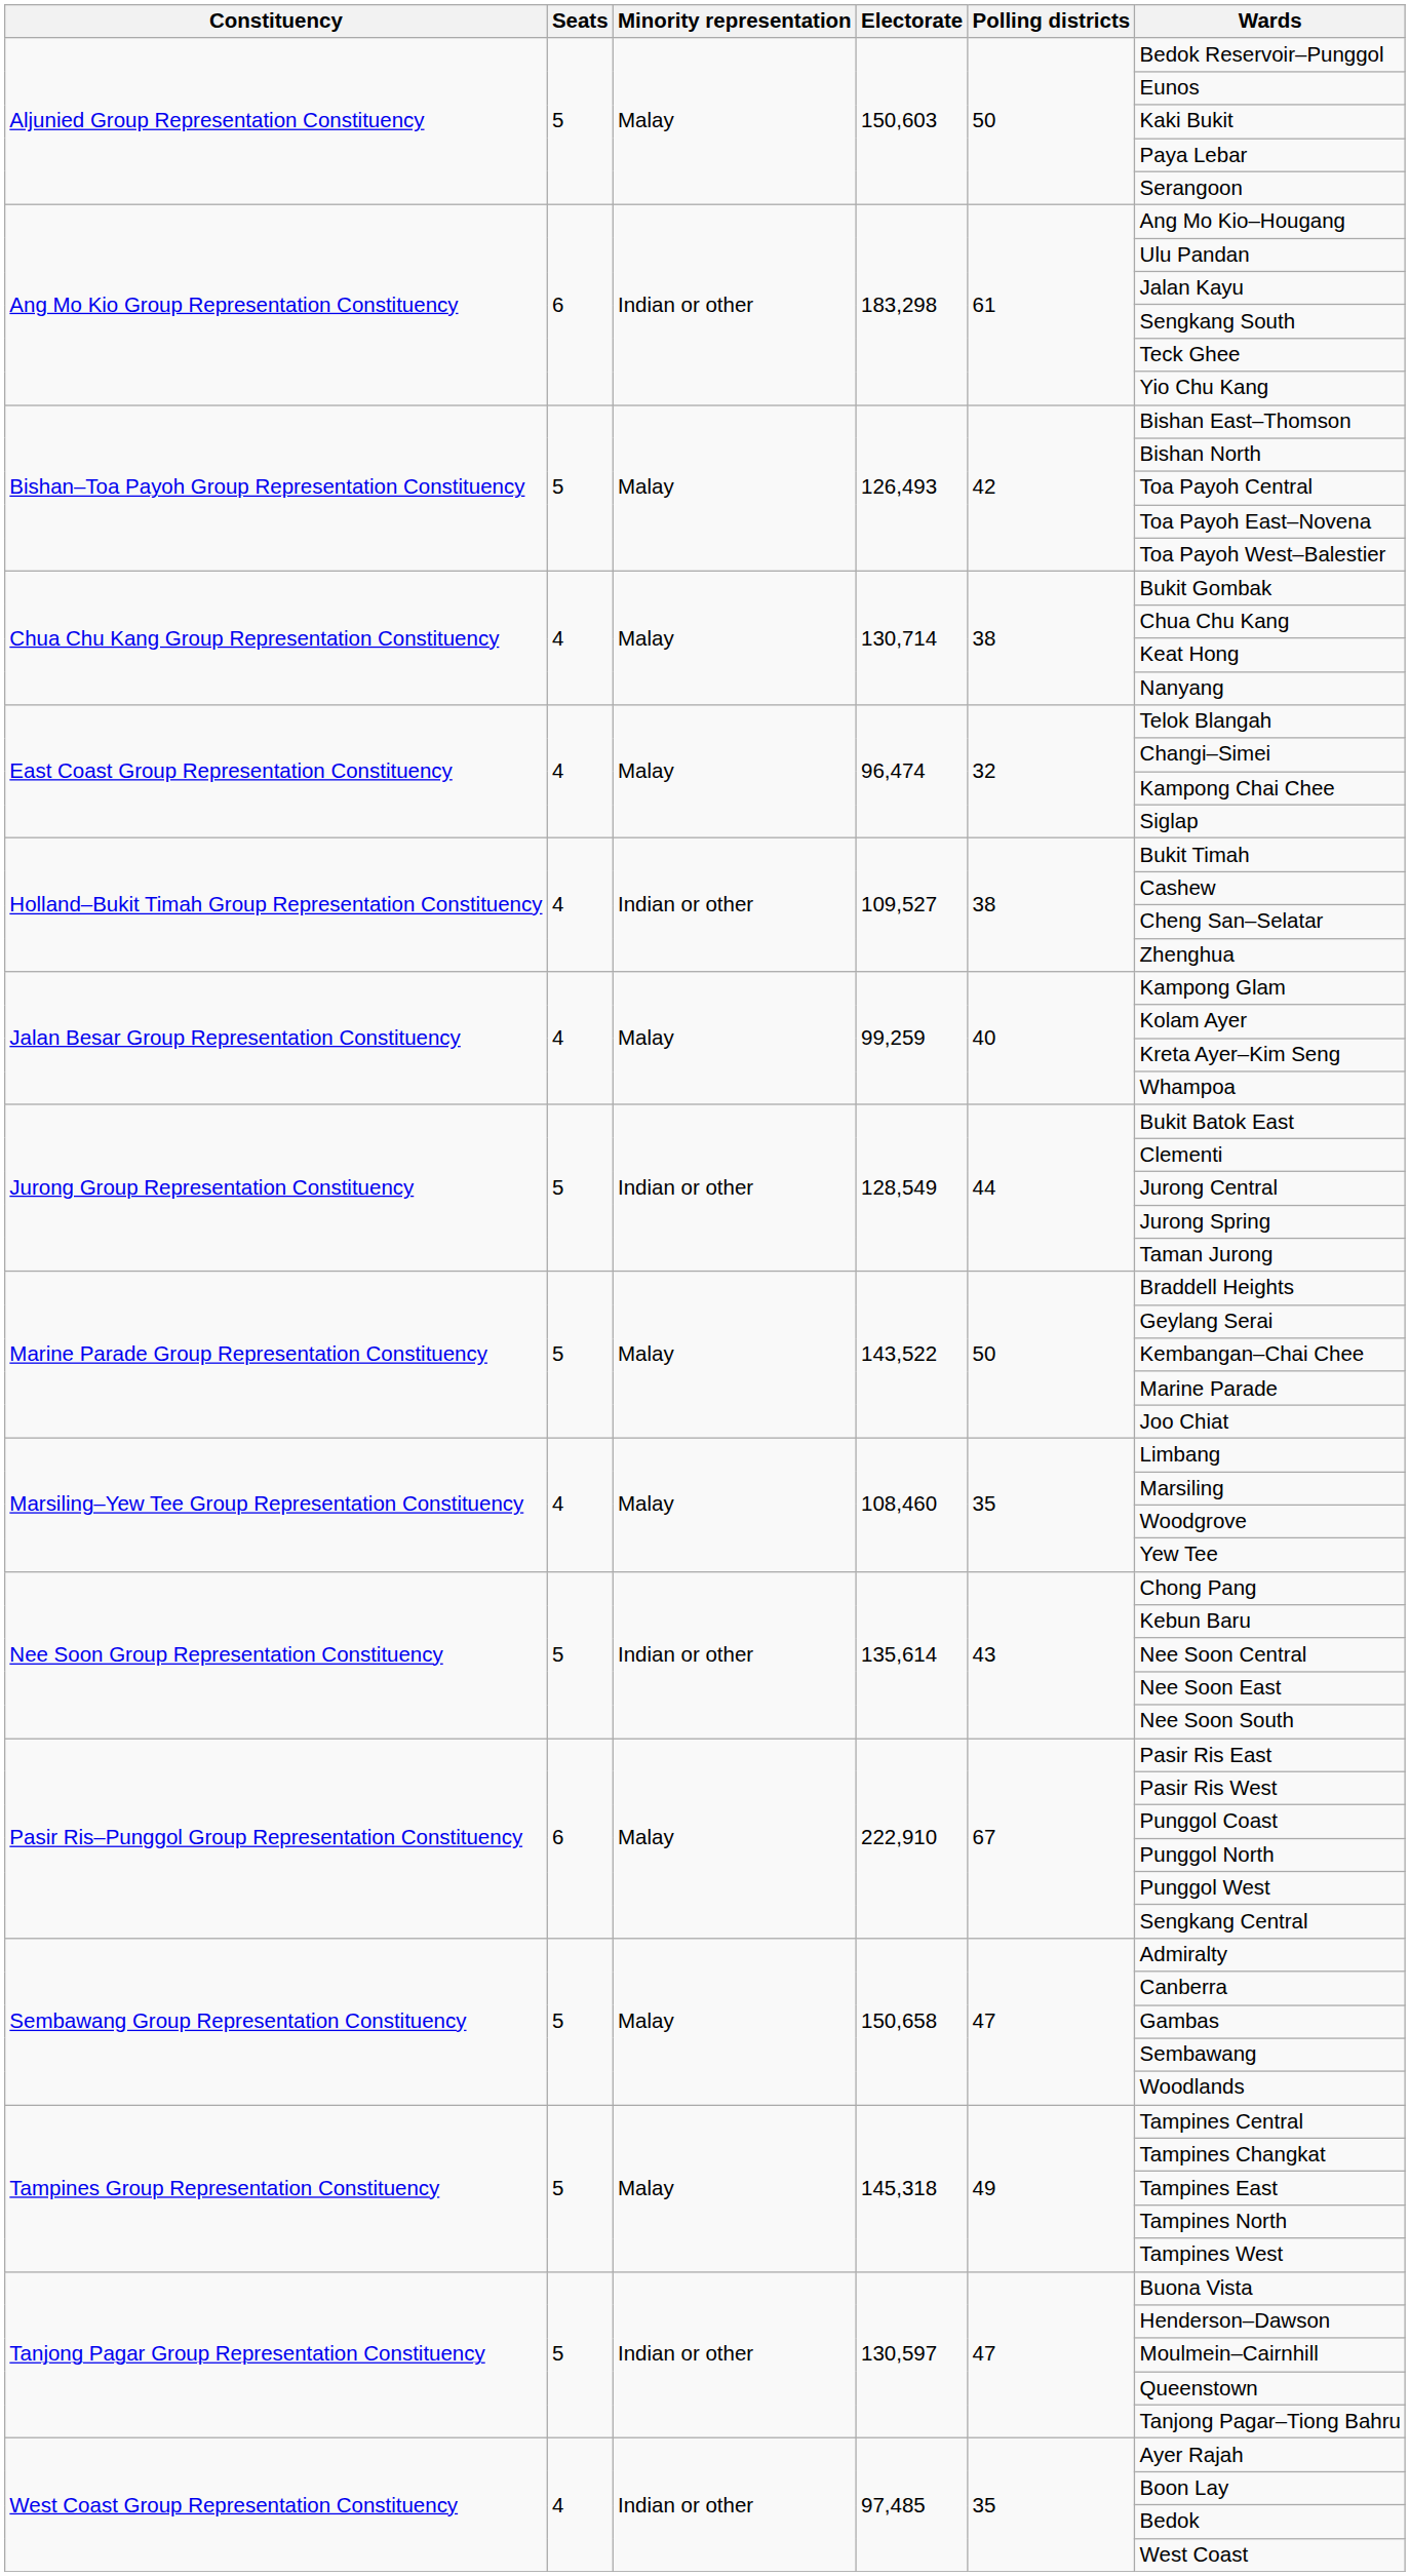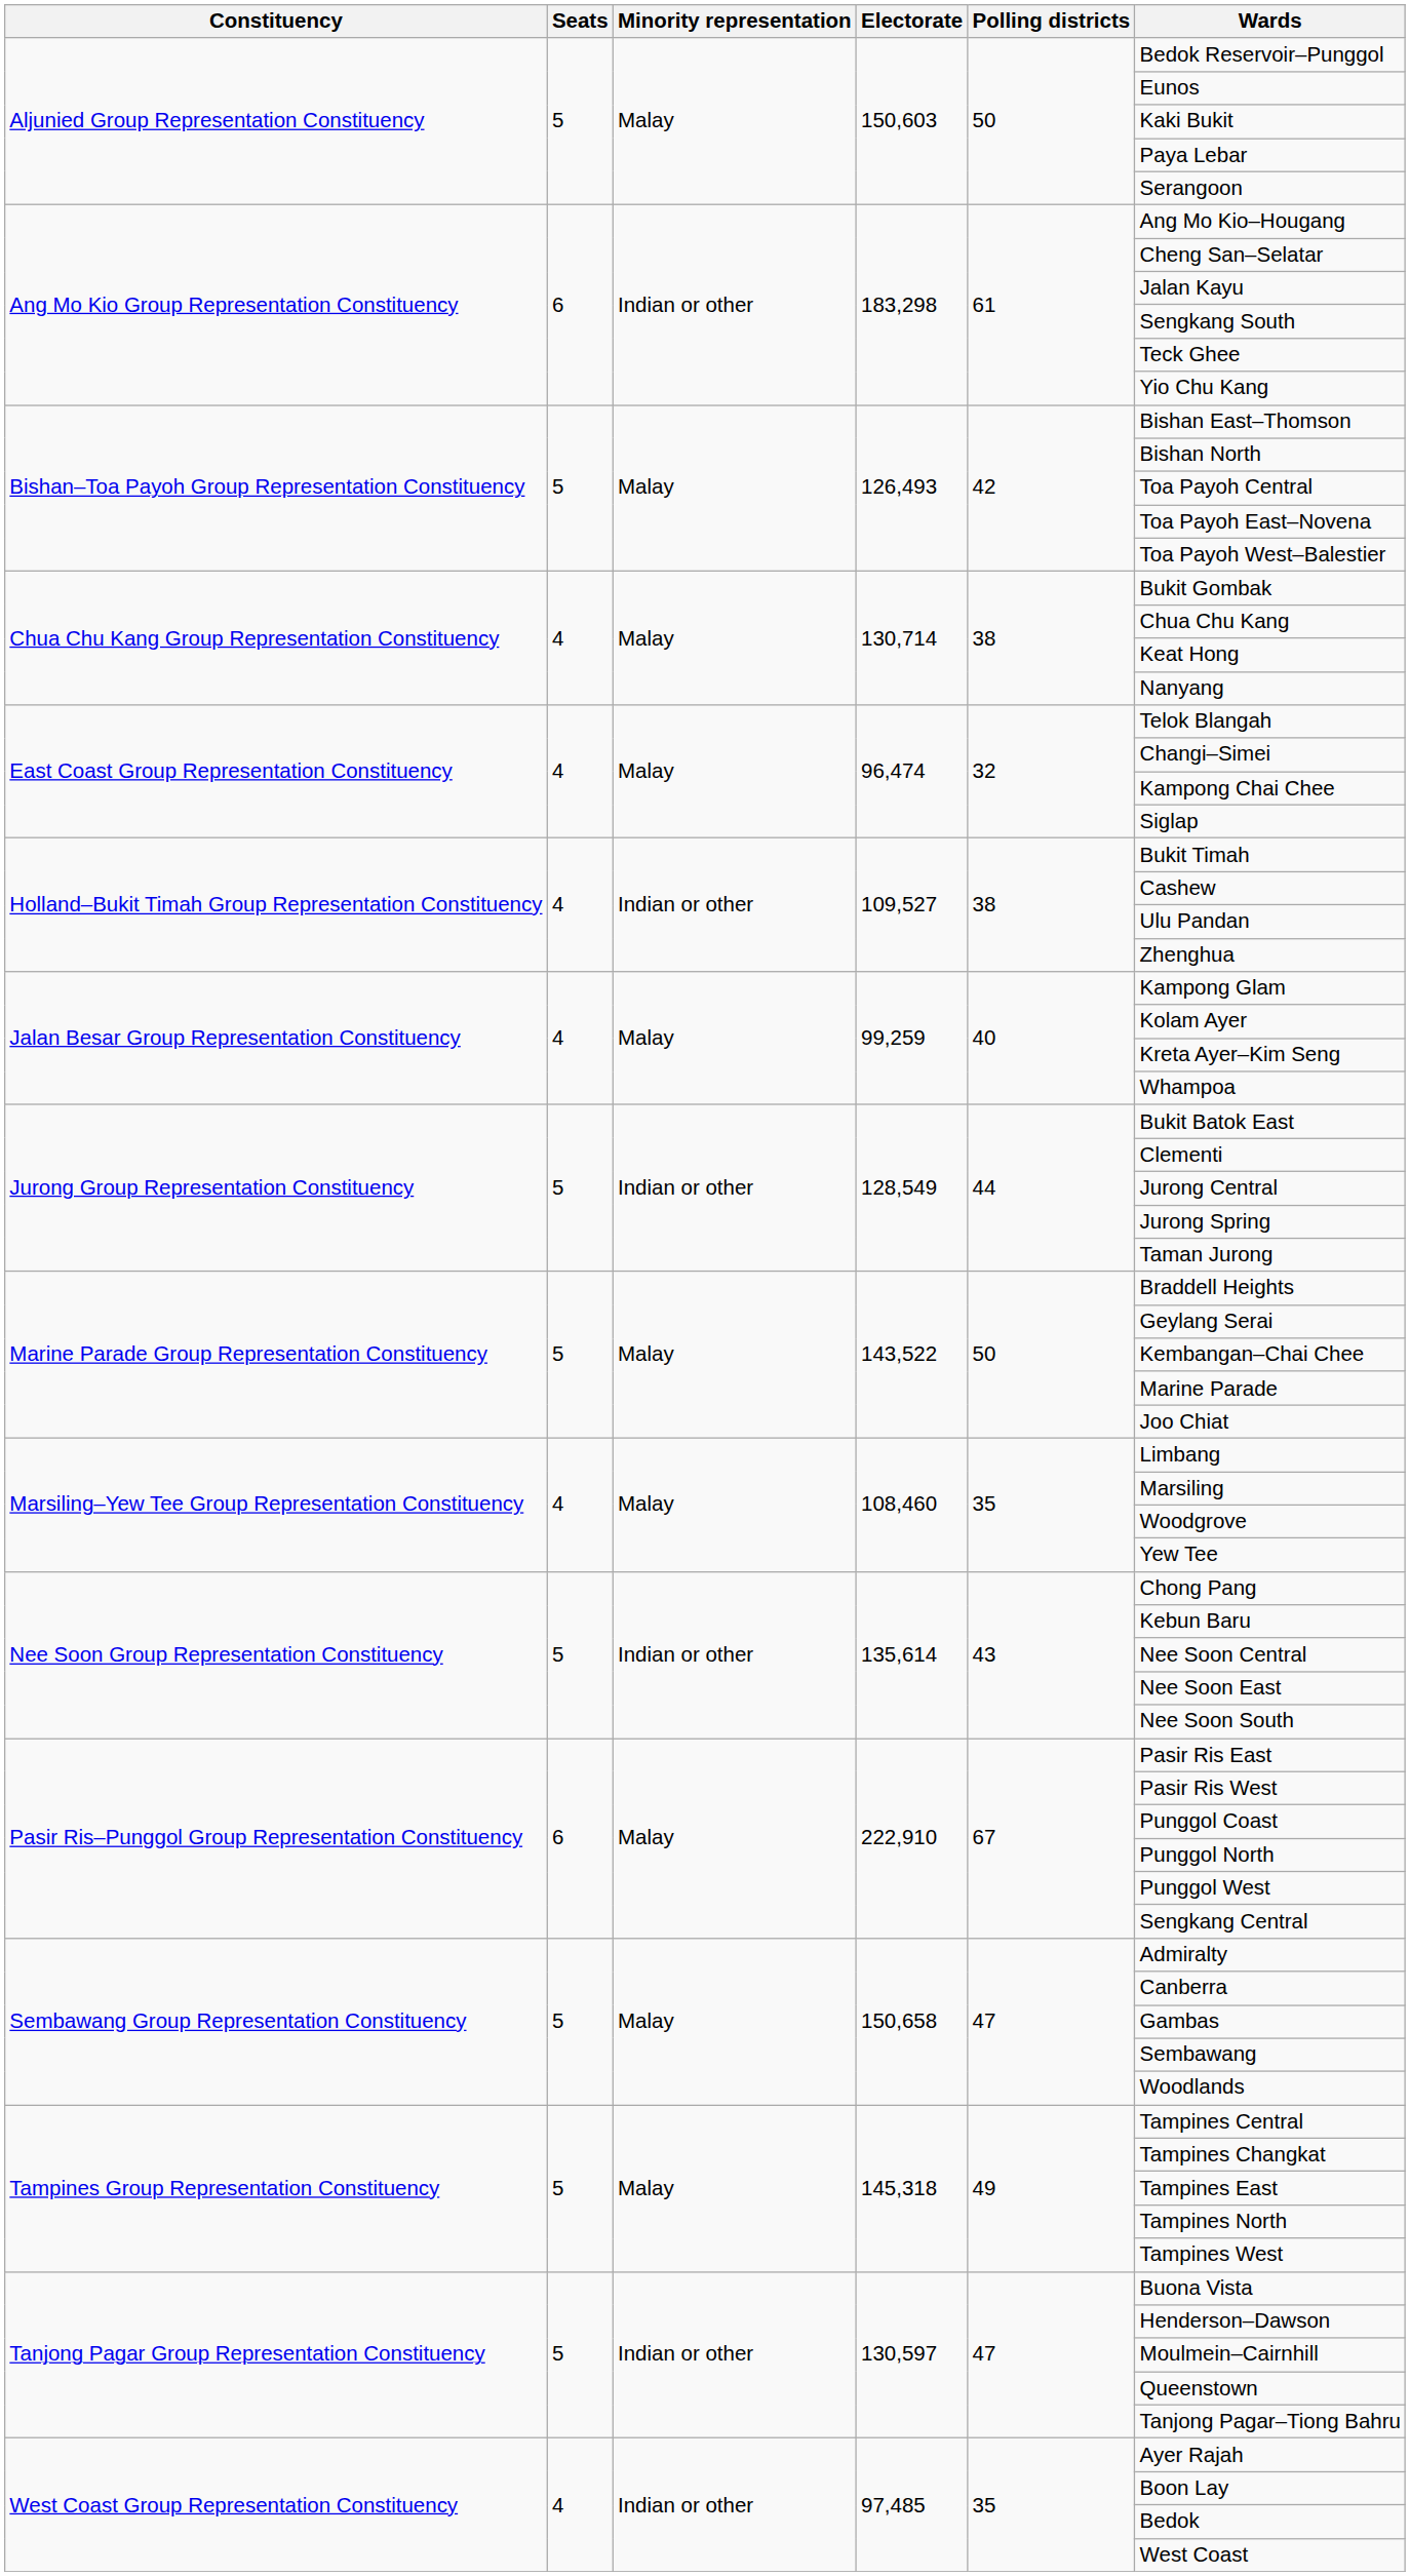 <table class="wikitable">
 <tr>
 <th>Constituency</th>
 <th>Seats</th>
 <th>Minority representation</th>
 <th>Electorate</th>
 <th>Polling districts</th>
 <th>Wards</th>
 </tr>
 <tr>
 <td rowspan="5"><a href='#'>Aljunied Group Representation Constituency</a></td>
 <td rowspan="5">5</td>
 <td rowspan="5">Malay</td>
 <td rowspan="5">150,603</td>
 <td rowspan="5">50</td>
 <td>Bedok Reservoir–Punggol</td>
 </tr>
 <tr>
 <td>Eunos</td>
 </tr>
 <tr>
 <td>Kaki Bukit</td>
 </tr>
 <tr>
 <td>Paya Lebar</td>
 </tr>
 <tr>
 <td>Serangoon</td>
 </tr>
 <tr>
 <td rowspan="6"><a href='#'>Ang Mo Kio Group Representation Constituency</a></td>
 <td rowspan="6">6</td>
 <td rowspan="6">Indian or other</td>
 <td rowspan="6">183,298</td>
 <td rowspan="6">61</td>
 <td>Ang Mo Kio–Hougang</td>
 </tr>
 <tr>
-<td>Ulu Pandan</td>
+<td>Cheng San–Selatar</td>
 </tr>
 <tr>
 <td>Jalan Kayu</td>
 </tr>
 <tr>
 <td>Sengkang South</td>
 </tr>
 <tr>
 <td>Teck Ghee</td>
 </tr>
 <tr>
 <td>Yio Chu Kang</td>
 </tr>
 <tr>
 <td rowspan="5"><a href='#'>Bishan–Toa Payoh Group Representation Constituency</a></td>
 <td rowspan="5">5</td>
 <td rowspan="5">Malay</td>
 <td rowspan="5">126,493</td>
 <td rowspan="5">42</td>
 <td>Bishan East–Thomson</td>
 </tr>
 <tr>
 <td>Bishan North</td>
 </tr>
 <tr>
 <td>Toa Payoh Central</td>
 </tr>
 <tr>
 <td>Toa Payoh East–Novena</td>
 </tr>
 <tr>
 <td>Toa Payoh West–Balestier</td>
 </tr>
 <tr>
 <td rowspan="4"><a href='#'>Chua Chu Kang Group Representation Constituency</a></td>
 <td rowspan="4">4</td>
 <td rowspan="4">Malay</td>
 <td rowspan="4">130,714</td>
 <td rowspan="4">38</td>
 <td>Bukit Gombak</td>
 </tr>
 <tr>
 <td>Chua Chu Kang</td>
 </tr>
 <tr>
 <td>Keat Hong</td>
 </tr>
 <tr>
 <td>Nanyang</td>
 </tr>
 <tr>
 <td rowspan="4"><a href='#'>East Coast Group Representation Constituency</a></td>
 <td rowspan="4">4</td>
 <td rowspan="4">Malay</td>
 <td rowspan="4">96,474</td>
 <td rowspan="4">32</td>
 <td>Telok Blangah</td>
 </tr>
 <tr>
 <td>Changi–Simei</td>
 </tr>
 <tr>
 <td>Kampong Chai Chee</td>
 </tr>
 <tr>
 <td>Siglap</td>
 </tr>
 <tr>
 <td rowspan="4"><a href='#'>Holland–Bukit Timah Group Representation Constituency</a></td>
 <td rowspan="4">4</td>
 <td rowspan="4">Indian or other</td>
 <td rowspan="4">109,527</td>
 <td rowspan="4">38</td>
 <td>Bukit Timah</td>
 </tr>
 <tr>
 <td>Cashew</td>
 </tr>
 <tr>
-<td>Cheng San–Selatar</td>
+<td>Ulu Pandan</td>
 </tr>
 <tr>
 <td>Zhenghua</td>
 </tr>
 <tr>
 <td rowspan="4"><a href='#'>Jalan Besar Group Representation Constituency</a></td>
 <td rowspan="4">4</td>
 <td rowspan="4">Malay</td>
 <td rowspan="4">99,259</td>
 <td rowspan="4">40</td>
 <td>Kampong Glam</td>
 </tr>
 <tr>
 <td>Kolam Ayer</td>
 </tr>
 <tr>
 <td>Kreta Ayer–Kim Seng</td>
 </tr>
 <tr>
 <td>Whampoa</td>
 </tr>
 <tr>
 <td rowspan="5"><a href='#'>Jurong Group Representation Constituency</a></td>
 <td rowspan="5">5</td>
 <td rowspan="5">Indian or other</td>
 <td rowspan="5">128,549</td>
 <td rowspan="5">44</td>
 <td>Bukit Batok East</td>
 </tr>
 <tr>
 <td>Clementi</td>
 </tr>
 <tr>
 <td>Jurong Central</td>
 </tr>
 <tr>
 <td>Jurong Spring</td>
 </tr>
 <tr>
 <td>Taman Jurong</td>
 </tr>
 <tr>
 <td rowspan="5"><a href='#'>Marine Parade Group Representation Constituency</a></td>
 <td rowspan="5">5</td>
 <td rowspan="5">Malay</td>
 <td rowspan="5">143,522</td>
 <td rowspan="5">50</td>
 <td>Braddell Heights</td>
 </tr>
 <tr>
 <td>Geylang Serai</td>
 </tr>
 <tr>
 <td>Kembangan–Chai Chee</td>
 </tr>
 <tr>
 <td>Marine Parade</td>
 </tr>
 <tr>
 <td>Joo Chiat</td>
 </tr>
 <tr>
 <td rowspan="4"><a href='#'>Marsiling–Yew Tee Group Representation Constituency</a></td>
 <td rowspan="4">4</td>
 <td rowspan="4">Malay</td>
 <td rowspan="4">108,460</td>
 <td rowspan="4">35</td>
 <td>Limbang</td>
 </tr>
 <tr>
 <td>Marsiling</td>
 </tr>
 <tr>
 <td>Woodgrove</td>
 </tr>
 <tr>
 <td>Yew Tee</td>
 </tr>
 <tr>
 <td rowspan="5"><a href='#'>Nee Soon Group Representation Constituency</a></td>
 <td rowspan="5">5</td>
 <td rowspan="5">Indian or other</td>
 <td rowspan="5">135,614</td>
 <td rowspan="5">43</td>
 <td>Chong Pang</td>
 </tr>
 <tr>
 <td>Kebun Baru</td>
 </tr>
 <tr>
 <td>Nee Soon Central</td>
 </tr>
 <tr>
 <td>Nee Soon East</td>
 </tr>
 <tr>
 <td>Nee Soon South</td>
 </tr>
 <tr>
 <td rowspan="6"><a href='#'>Pasir Ris–Punggol Group Representation Constituency</a></td>
 <td rowspan="6">6</td>
 <td rowspan="6">Malay</td>
 <td rowspan="6">222,910</td>
 <td rowspan="6">67</td>
 <td>Pasir Ris East</td>
 </tr>
 <tr>
 <td>Pasir Ris West</td>
 </tr>
 <tr>
 <td>Punggol Coast</td>
 </tr>
 <tr>
 <td>Punggol North</td>
 </tr>
 <tr>
 <td>Punggol West</td>
 </tr>
 <tr>
 <td>Sengkang Central</td>
 </tr>
 <tr>
 <td rowspan="5"><a href='#'>Sembawang Group Representation Constituency</a></td>
 <td rowspan="5">5</td>
 <td rowspan="5">Malay</td>
 <td rowspan="5">150,658</td>
 <td rowspan="5">47</td>
 <td>Admiralty</td>
 </tr>
 <tr>
 <td>Canberra</td>
 </tr>
 <tr>
 <td>Gambas</td>
 </tr>
 <tr>
 <td>Sembawang</td>
 </tr>
 <tr>
 <td>Woodlands</td>
 </tr>
 <tr>
 <td rowspan="5"><a href='#'>Tampines Group Representation Constituency</a></td>
 <td rowspan="5">5</td>
 <td rowspan="5">Malay</td>
 <td rowspan="5">145,318</td>
 <td rowspan="5">49</td>
 <td>Tampines Central</td>
 </tr>
 <tr>
 <td>Tampines Changkat</td>
 </tr>
 <tr>
 <td>Tampines East</td>
 </tr>
 <tr>
 <td>Tampines North</td>
 </tr>
 <tr>
 <td>Tampines West</td>
 </tr>
 <tr>
 <td rowspan="5"><a href='#'>Tanjong Pagar Group Representation Constituency</a></td>
 <td rowspan="5">5</td>
 <td rowspan="5">Indian or other</td>
 <td rowspan="5">130,597</td>
 <td rowspan="5">47</td>
 <td>Buona Vista</td>
 </tr>
 <tr>
 <td>Henderson–Dawson</td>
 </tr>
 <tr>
 <td>Moulmein–Cairnhill</td>
 </tr>
 <tr>
 <td>Queenstown</td>
 </tr>
 <tr>
 <td>Tanjong Pagar–Tiong Bahru</td>
 </tr>
 <tr>
 <td rowspan="4"><a href='#'>West Coast Group Representation Constituency</a></td>
 <td rowspan="4">4</td>
 <td rowspan="4">Indian or other</td>
 <td rowspan="4">97,485</td>
 <td rowspan="4">35</td>
 <td>Ayer Rajah</td>
 </tr>
 <tr>
 <td>Boon Lay</td>
 </tr>
 <tr>
 <td>Bedok</td>
 </tr>
 <tr>
 <td>West Coast</td>
 </tr>
 </table>
